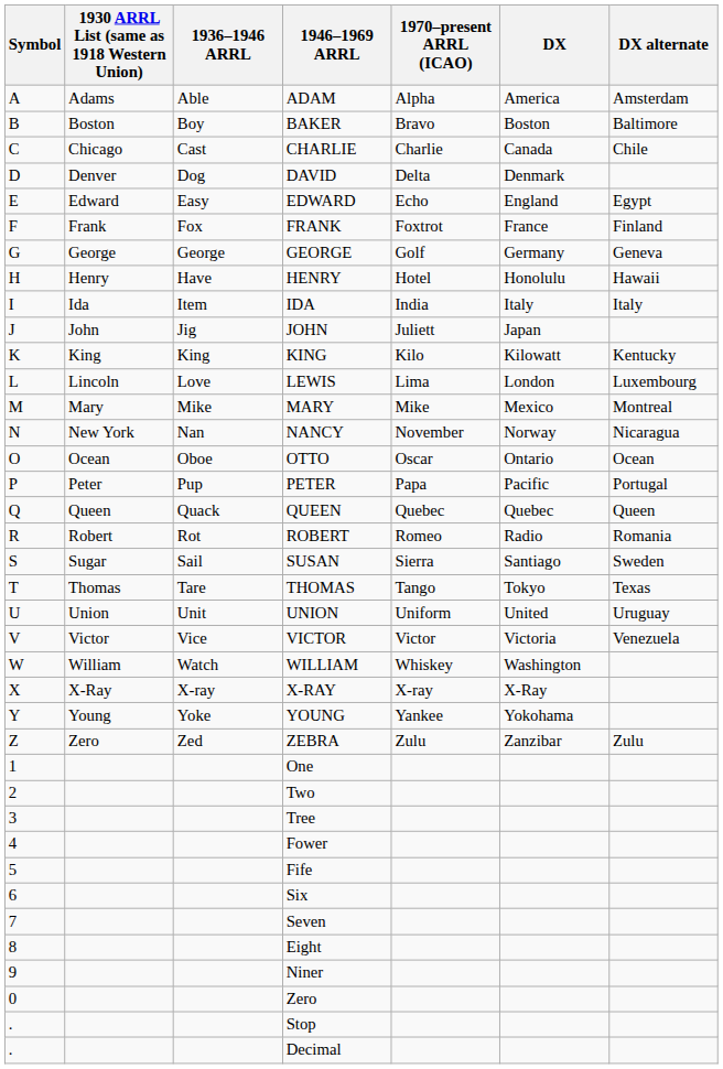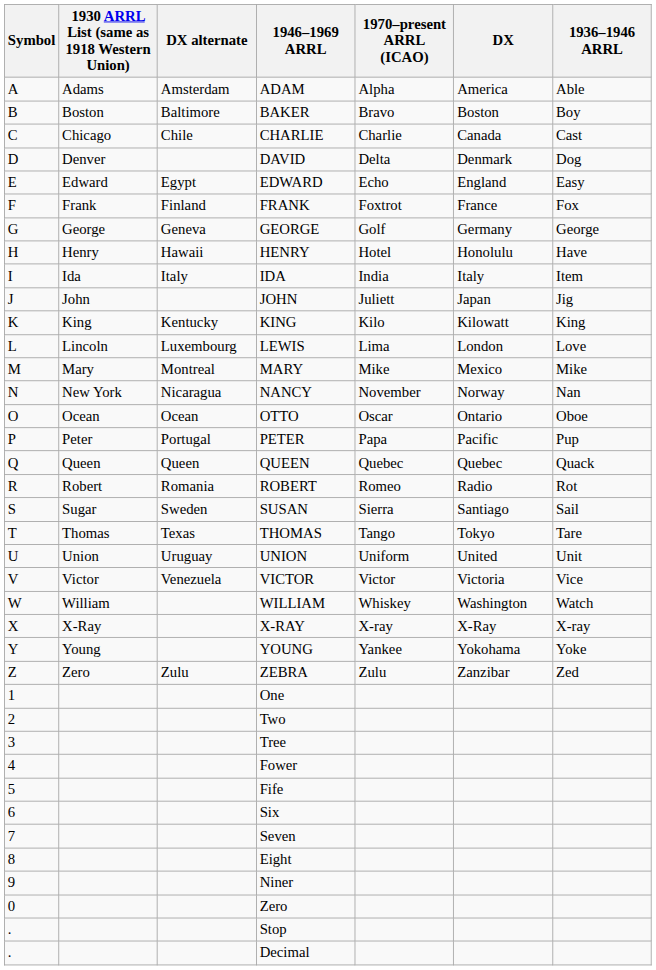 <table class="wikitable">
 <tr>
 <th>Symbol</th>
 <th style="width:100px;">1930 <a href='#'>ARRL</a> List (same as 1918 Western Union)</th>
-<th style="width:100px;">1936–1946 ARRL</th>
+<th style="width:100px;">DX alternate</th>
 <th style="width:100px;">1946–1969 ARRL</th>
 <th style="width:100px;">1970–present ARRL (ICAO)</th>
 <th style="width:100px;">DX</th>
-<th style="width:100px;">DX alternate</th>
+<th style="width:100px;">1936–1946 ARRL</th>
 </tr>
 <tr>
 <td>A</td>
 <td>Adams</td>
-<td>Able</td>
+<td>Amsterdam</td>
 <td>ADAM</td>
 <td>Alpha</td>
 <td>America</td>
-<td>Amsterdam</td>
+<td>Able</td>
 </tr>
 <tr>
 <td>B</td>
 <td>Boston</td>
-<td>Boy</td>
+<td>Baltimore</td>
 <td>BAKER</td>
 <td>Bravo</td>
 <td>Boston</td>
-<td>Baltimore</td>
+<td>Boy</td>
 </tr>
 <tr>
 <td>C</td>
 <td>Chicago</td>
-<td>Cast</td>
+<td>Chile</td>
 <td>CHARLIE</td>
 <td>Charlie</td>
 <td>Canada</td>
-<td>Chile</td>
+<td>Cast</td>
 </tr>
 <tr>
 <td>D</td>
 <td>Denver</td>
-<td>Dog</td>
+<td></td>
 <td>DAVID</td>
 <td>Delta</td>
 <td>Denmark</td>
-<td></td>
+<td>Dog</td>
 </tr>
 <tr>
 <td>E</td>
 <td>Edward</td>
-<td>Easy</td>
+<td>Egypt</td>
 <td>EDWARD</td>
 <td>Echo</td>
 <td>England</td>
-<td>Egypt</td>
+<td>Easy</td>
 </tr>
 <tr>
 <td>F</td>
 <td>Frank</td>
-<td>Fox</td>
+<td>Finland</td>
 <td>FRANK</td>
 <td>Foxtrot</td>
 <td>France</td>
-<td>Finland</td>
+<td>Fox</td>
 </tr>
 <tr>
 <td>G</td>
 <td>George</td>
-<td>George</td>
+<td>Geneva</td>
 <td>GEORGE</td>
 <td>Golf</td>
 <td>Germany</td>
-<td>Geneva</td>
+<td>George</td>
 </tr>
 <tr>
 <td>H</td>
 <td>Henry</td>
-<td>Have</td>
+<td>Hawaii</td>
 <td>HENRY</td>
 <td>Hotel</td>
 <td>Honolulu</td>
-<td>Hawaii</td>
+<td>Have</td>
 </tr>
 <tr>
 <td>I</td>
 <td>Ida</td>
-<td>Item</td>
+<td>Italy</td>
 <td>IDA</td>
 <td>India</td>
 <td>Italy</td>
-<td>Italy</td>
+<td>Item</td>
 </tr>
 <tr>
 <td>J</td>
 <td>John</td>
-<td>Jig</td>
+<td></td>
 <td>JOHN</td>
 <td>Juliett</td>
 <td>Japan</td>
-<td></td>
+<td>Jig</td>
 </tr>
 <tr>
 <td>K</td>
 <td>King</td>
-<td>King</td>
+<td>Kentucky</td>
 <td>KING</td>
 <td>Kilo</td>
 <td>Kilowatt</td>
-<td>Kentucky</td>
+<td>King</td>
 </tr>
 <tr>
 <td>L</td>
 <td>Lincoln</td>
-<td>Love</td>
+<td>Luxembourg</td>
 <td>LEWIS</td>
 <td>Lima</td>
 <td>London</td>
-<td>Luxembourg</td>
+<td>Love</td>
 </tr>
 <tr>
 <td>M</td>
 <td>Mary</td>
-<td>Mike</td>
+<td>Montreal</td>
 <td>MARY</td>
 <td>Mike</td>
 <td>Mexico</td>
-<td>Montreal</td>
+<td>Mike</td>
 </tr>
 <tr>
 <td>N</td>
 <td>New York</td>
-<td>Nan</td>
+<td>Nicaragua</td>
 <td>NANCY</td>
 <td>November</td>
 <td>Norway</td>
-<td>Nicaragua</td>
+<td>Nan</td>
 </tr>
 <tr>
 <td>O</td>
 <td>Ocean</td>
-<td>Oboe</td>
+<td>Ocean</td>
 <td>OTTO</td>
 <td>Oscar</td>
 <td>Ontario</td>
-<td>Ocean</td>
+<td>Oboe</td>
 </tr>
 <tr>
 <td>P</td>
 <td>Peter</td>
-<td>Pup</td>
+<td>Portugal</td>
 <td>PETER</td>
 <td>Papa</td>
 <td>Pacific</td>
-<td>Portugal</td>
+<td>Pup</td>
 </tr>
 <tr>
 <td>Q</td>
 <td>Queen</td>
-<td>Quack</td>
+<td>Queen</td>
 <td>QUEEN</td>
 <td>Quebec</td>
 <td>Quebec</td>
-<td>Queen</td>
+<td>Quack</td>
 </tr>
 <tr>
 <td>R</td>
 <td>Robert</td>
-<td>Rot</td>
+<td>Romania</td>
 <td>ROBERT</td>
 <td>Romeo</td>
 <td>Radio</td>
-<td>Romania</td>
+<td>Rot</td>
 </tr>
 <tr>
 <td>S</td>
 <td>Sugar</td>
-<td>Sail</td>
+<td>Sweden</td>
 <td>SUSAN</td>
 <td>Sierra</td>
 <td>Santiago</td>
-<td>Sweden</td>
+<td>Sail</td>
 </tr>
 <tr>
 <td>T</td>
 <td>Thomas</td>
-<td>Tare</td>
+<td>Texas</td>
 <td>THOMAS</td>
 <td>Tango</td>
 <td>Tokyo</td>
-<td>Texas</td>
+<td>Tare</td>
 </tr>
 <tr>
 <td>U</td>
 <td>Union</td>
-<td>Unit</td>
+<td>Uruguay</td>
 <td>UNION</td>
 <td>Uniform</td>
 <td>United</td>
-<td>Uruguay</td>
+<td>Unit</td>
 </tr>
 <tr>
 <td>V</td>
 <td>Victor</td>
-<td>Vice</td>
+<td>Venezuela</td>
 <td>VICTOR</td>
 <td>Victor</td>
 <td>Victoria</td>
-<td>Venezuela</td>
+<td>Vice</td>
 </tr>
 <tr>
 <td>W</td>
 <td>William</td>
-<td>Watch</td>
+<td></td>
 <td>WILLIAM</td>
 <td>Whiskey</td>
 <td>Washington</td>
-<td></td>
+<td>Watch</td>
 </tr>
 <tr>
 <td>X</td>
 <td>X-Ray</td>
-<td>X-ray</td>
+<td></td>
 <td>X-RAY</td>
 <td>X-ray</td>
 <td>X-Ray</td>
-<td></td>
+<td>X-ray</td>
 </tr>
 <tr>
 <td>Y</td>
 <td>Young</td>
-<td>Yoke</td>
+<td></td>
 <td>YOUNG</td>
 <td>Yankee</td>
 <td>Yokohama</td>
-<td></td>
+<td>Yoke</td>
 </tr>
 <tr>
 <td>Z</td>
 <td>Zero</td>
-<td>Zed</td>
+<td>Zulu</td>
 <td>ZEBRA</td>
 <td>Zulu</td>
 <td>Zanzibar</td>
-<td>Zulu</td>
+<td>Zed</td>
 </tr>
 <tr>
 <td>1</td>
 <td></td>
 <td></td>
 <td>One</td>
 <td></td>
 <td></td>
 <td></td>
 </tr>
 <tr>
 <td>2</td>
 <td></td>
 <td></td>
 <td>Two</td>
 <td></td>
 <td></td>
 <td></td>
 </tr>
 <tr>
 <td>3</td>
 <td></td>
 <td></td>
 <td>Tree</td>
 <td></td>
 <td></td>
 <td></td>
 </tr>
 <tr>
 <td>4</td>
 <td></td>
 <td></td>
 <td>Fower</td>
 <td></td>
 <td></td>
 <td></td>
 </tr>
 <tr>
 <td>5</td>
 <td></td>
 <td></td>
 <td>Fife</td>
 <td></td>
 <td></td>
 <td></td>
 </tr>
 <tr>
 <td>6</td>
 <td></td>
 <td></td>
 <td>Six</td>
 <td></td>
 <td></td>
 <td></td>
 </tr>
 <tr>
 <td>7</td>
 <td></td>
 <td></td>
 <td>Seven</td>
 <td></td>
 <td></td>
 <td></td>
 </tr>
 <tr>
 <td>8</td>
 <td></td>
 <td></td>
 <td>Eight</td>
 <td></td>
 <td></td>
 <td></td>
 </tr>
 <tr>
 <td>9</td>
 <td></td>
 <td></td>
 <td>Niner</td>
 <td></td>
 <td></td>
 <td></td>
 </tr>
 <tr>
 <td>0</td>
 <td></td>
 <td></td>
 <td>Zero</td>
 <td></td>
 <td></td>
 <td></td>
 </tr>
 <tr>
 <td>.</td>
 <td></td>
 <td></td>
 <td>Stop</td>
 <td></td>
 <td></td>
 <td></td>
 </tr>
 <tr>
 <td>.</td>
 <td></td>
 <td></td>
 <td>Decimal</td>
 <td></td>
 <td></td>
 <td></td>
 </tr>
 </table>
